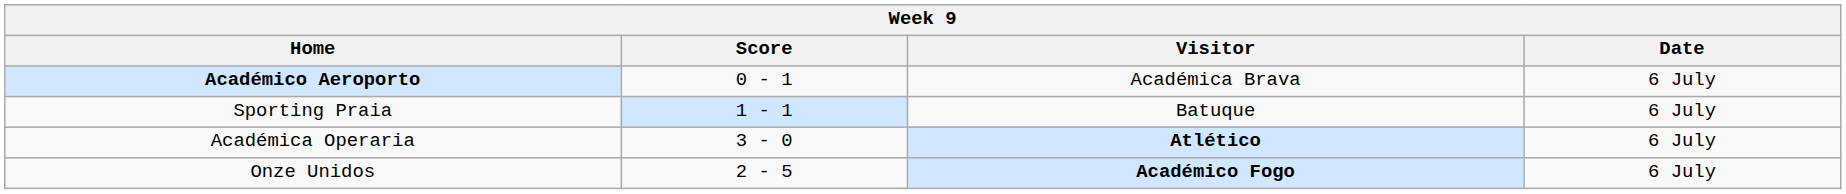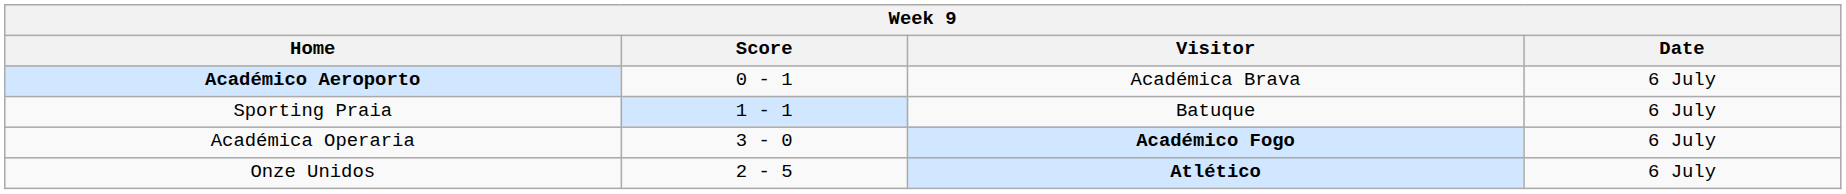 <table class="wikitable" style="font-size:95%; text-align: center; width: 95%;">
 <tr>
 <th colspan="12" style="with: 100%;" align=center>Week 9</th>
 </tr>
 <tr>
 <th width="200">Home</th>
 <th width="90">Score</th>
 <th width="200">Visitor</th>
 <th width="100">Date</th>
 </tr>
 <tr align=center>
 <td bgcolor=#D0E7FF><strong>Académico Aeroporto</strong></td>
 <td>0 - 1</td>
 <td>Académica Brava</td>
 <td>6 July</td>
 </tr>
 <tr align=center>
 <td>Sporting Praia</td>
 <td bgcolor=#D0E7FF>1 - 1</td>
 <td>Batuque</td>
 <td>6 July</td>
 </tr>
 <tr align=center>
 <td>Académica Operaria</td>
 <td>3 - 0</td>
-<td bgcolor=#D0E7FF><strong>Atlético</strong></td>
+<td bgcolor=#D0E7FF><strong>Académico Fogo</strong></td>
 <td>6 July</td>
 </tr>
 <tr align=center>
 <td>Onze Unidos</td>
 <td>2 - 5</td>
-<td bgcolor=#D0E7FF><strong>Académico Fogo</strong></td>
+<td bgcolor=#D0E7FF><strong>Atlético</strong></td>
 <td>6 July</td>
 </tr>
 </table>
